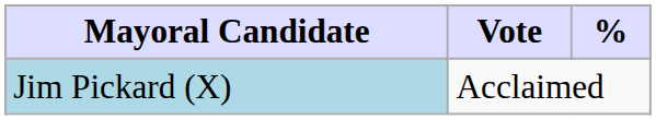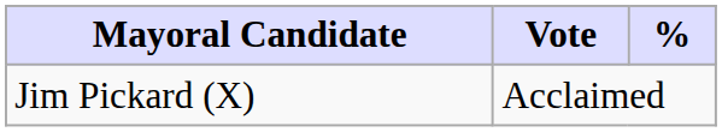 <table class="wikitable">
 <tr>
 <th style="background:#ddf; width:200px;">Mayoral Candidate </th>
 <th style="background:#ddf; width:50px;">Vote</th>
 <th style="background:#ddf; width:30px;">%</th>
 </tr>
 <tr>
-<td style="background: lightblue;">Jim Pickard (X)</td>
+<td>Jim Pickard (X)</td>
 <td colspan="2">Acclaimed</td>
 </tr>
 </table>
